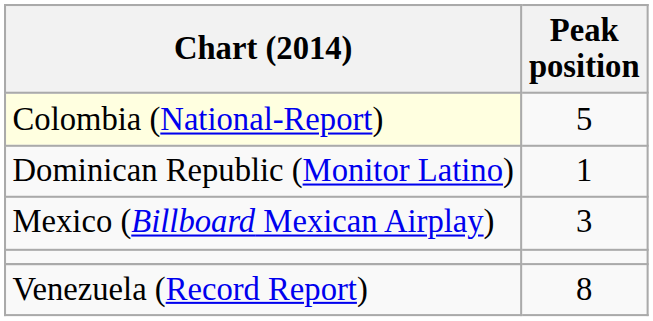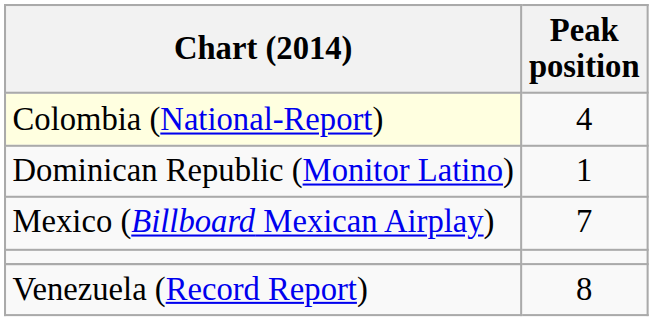 <table class="wikitable sortable">
 <tr>
 <th>Chart (2014)</th>
 <th>Peak<br>position</th>
 </tr>
 <tr>
 <td style="background: lightyellow;">Colombia (<a href='#'>National-Report</a>)</td>
-<td align="center">5</td>
+<td align="center">4</td>
 </tr>
 <tr>
 <td>Dominican Republic (<a href='#'>Monitor Latino</a>)</td>
 <td align="center">1</td>
 </tr>
 <tr>
 <td>Mexico (<a href='#'><em>Billboard</em> Mexican Airplay</a>)</td>
-<td align="center">3</td>
+<td align="center">7</td>
 </tr>
 <tr>
 <td></td>
 </tr>
 <tr>
 </tr>
 <tr>
 </tr>
 <tr>
 </tr>
 <tr>
 </tr>
 <tr>
 </tr>
 <tr>
 <td>Venezuela (<a href='#'>Record Report</a>)</td>
 <td align="center">8</td>
 </tr>
 </table>
